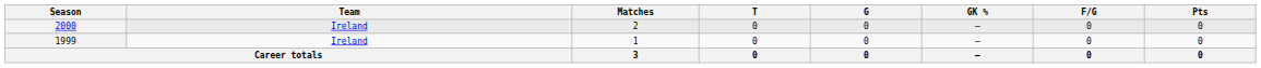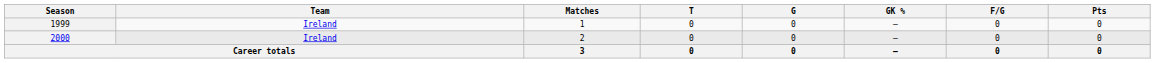 <table class="wikitable sortable"  style="font-size:90%; text-align:center; width:85%;">
 <tr>
 <th width=2%>Season</th>
 <th width=8%>Team</th>
 <th width=2%>Matches</th>
 <th width=2%>T</th>
 <th width=2%>G</th>
 <th width=2%>GK %</th>
 <th width=2%>F/G</th>
 <th width=2%>Pts</th>
 </tr>
-<tr style="background-color: #EAEAEA">
-<th scope="row" style="text-align:center; font-weight:normal"><a href='#'>2000</a></th>
+<tr>
+<th scope="row" style="text-align:center; font-weight:normal">1999</th>
 <td style="text-align:center;"> <a href='#'>Ireland</a></td>
-<td>2</td>
+<td>1</td>
 <td>0</td>
 <td>0</td>
 <td>—</td>
 <td>0</td>
 <td>0</td>
 </tr>
-<tr>
-<th scope="row" style="text-align:center; font-weight:normal">1999</th>
+<tr style="background-color: #EAEAEA">
+<th scope="row" style="text-align:center; font-weight:normal"><a href='#'>2000</a></th>
 <td style="text-align:center;"> <a href='#'>Ireland</a></td>
-<td>1</td>
+<td>2</td>
 <td>0</td>
 <td>0</td>
 <td>—</td>
 <td>0</td>
 <td>0</td>
 </tr>
 <tr class="sortbottom">
 <th colspan=2>Career totals</th>
 <th>3</th>
 <th>0</th>
 <th>0</th>
 <th>—</th>
 <th>0</th>
 <th>0</th>
 </tr>
 </table>
